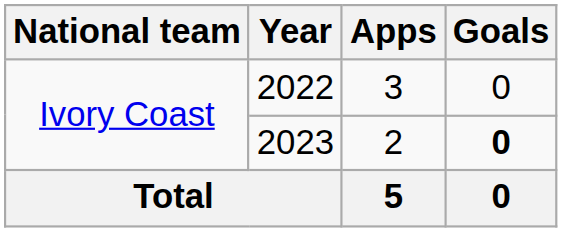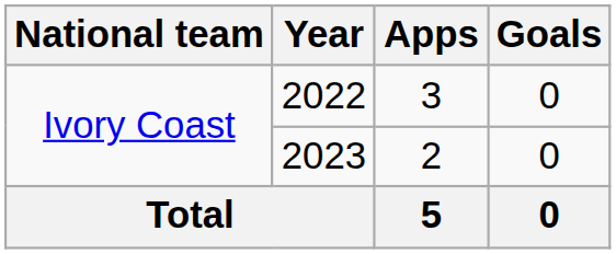 <table class=wikitable style=text-align:center>
 <tr>
 <th>National team</th>
 <th>Year</th>
 <th>Apps</th>
 <th>Goals</th>
 </tr>
 <tr>
 <td rowspan="2"><a href='#'>Ivory Coast</a></td>
 <td>2022</td>
 <td>3</td>
 <td>0</td>
 </tr>
 <tr>
 <td>2023</td>
 <td>2</td>
-<td><strong>0</strong></td>
+<td>0</td>
 </tr>
 <tr>
 <th colspan=2>Total</th>
 <th>5</th>
 <th>0</th>
 </tr>
 </table>
